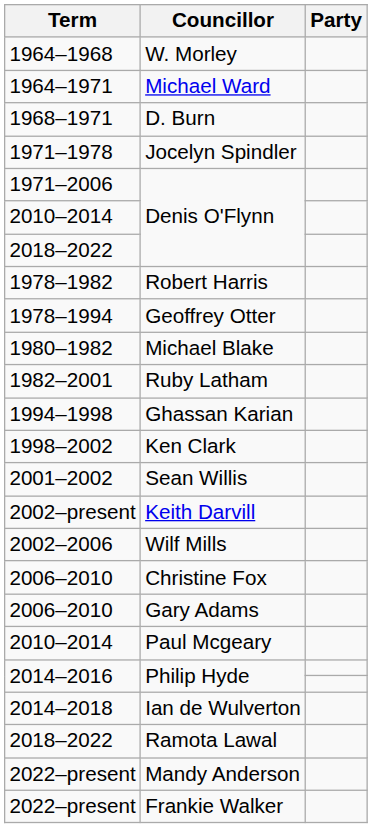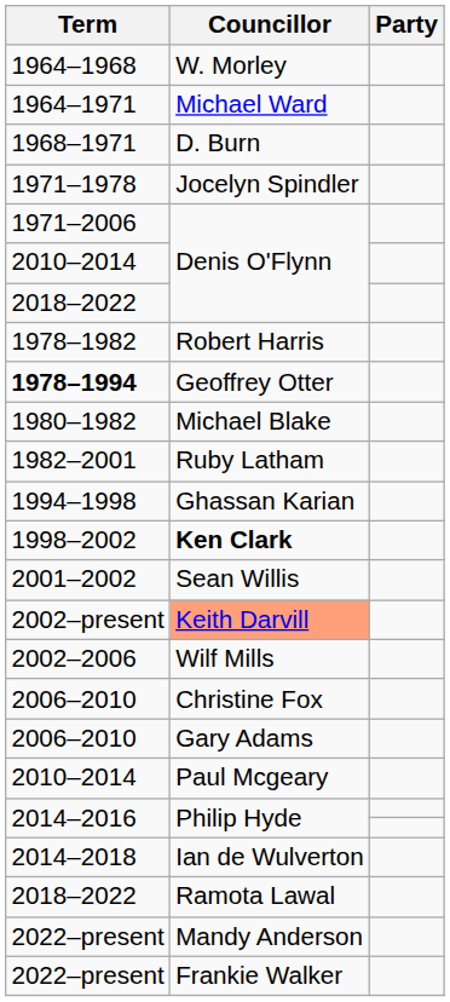 <table class="wikitable">
 <tr>
 <th>Term</th>
 <th>Councillor</th>
 <th colspan=2>Party</th>
 </tr>
 <tr>
 <td>1964–1968</td>
 <td>W. Morley</td>
 <td></td>
 </tr>
 <tr>
 <td>1964–1971</td>
 <td><a href='#'>Michael Ward</a></td>
 <td></td>
 </tr>
 <tr>
 <td>1968–1971</td>
 <td>D. Burn</td>
 <td></td>
 </tr>
 <tr>
 <td>1971–1978</td>
 <td>Jocelyn Spindler</td>
 <td></td>
 </tr>
 <tr>
 <td>1971–2006</td>
 <td rowspan=3>Denis O'Flynn</td>
 <td></td>
 </tr>
 <tr>
 <td>2010–2014</td>
 <td></td>
 </tr>
 <tr>
 <td>2018–2022</td>
 <td></td>
 </tr>
 <tr>
 <td>1978–1982</td>
 <td>Robert Harris</td>
 <td></td>
 </tr>
 <tr>
-<td>1978–1994</td>
+<td><strong>1978–1994</strong></td>
 <td>Geoffrey Otter</td>
 <td></td>
 </tr>
 <tr>
 <td>1980–1982</td>
 <td>Michael Blake</td>
 <td></td>
 </tr>
 <tr>
 <td>1982–2001</td>
 <td>Ruby Latham</td>
 <td></td>
 </tr>
 <tr>
 <td>1994–1998</td>
 <td>Ghassan Karian</td>
 <td></td>
 </tr>
 <tr>
 <td>1998–2002</td>
-<td>Ken Clark</td>
+<td><strong>Ken Clark</strong></td>
 <td></td>
 </tr>
 <tr>
 <td>2001–2002</td>
 <td>Sean Willis</td>
 <td></td>
 </tr>
 <tr>
 <td>2002–present</td>
-<td><a href='#'>Keith Darvill</a></td>
+<td style="background: lightsalmon;"><a href='#'>Keith Darvill</a></td>
 <td></td>
 </tr>
 <tr>
 <td>2002–2006</td>
 <td>Wilf Mills</td>
 <td></td>
 </tr>
 <tr>
 <td>2006–2010</td>
 <td>Christine Fox</td>
 <td></td>
 </tr>
 <tr>
 <td>2006–2010</td>
 <td>Gary Adams</td>
 <td></td>
 </tr>
 <tr>
 <td>2010–2014</td>
 <td>Paul Mcgeary</td>
 <td></td>
 </tr>
 <tr>
 <td rowspan=2>2014–2016</td>
 <td rowspan=2>Philip Hyde</td>
 <td></td>
 </tr>
 <tr>
 <td></td>
 </tr>
 <tr>
 <td>2014–2018</td>
 <td>Ian de Wulverton</td>
 <td></td>
 </tr>
 <tr>
 <td>2018–2022</td>
 <td>Ramota Lawal</td>
 <td></td>
 </tr>
 <tr>
 <td>2022–present</td>
 <td>Mandy Anderson</td>
 <td></td>
 </tr>
 <tr>
 <td>2022–present</td>
 <td>Frankie Walker</td>
 <td></td>
 </tr>
 </table>
